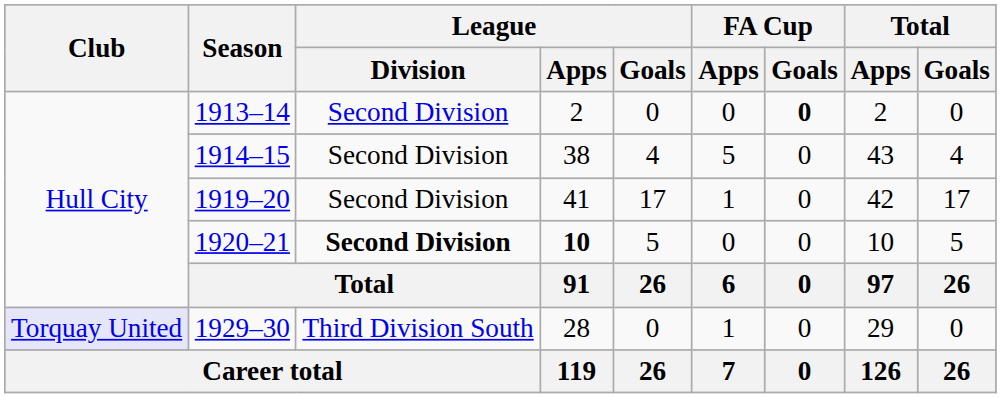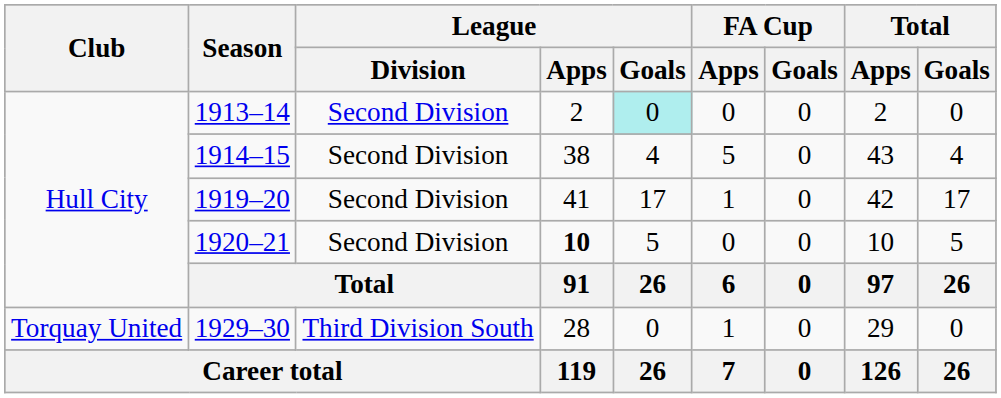 <table class="wikitable" style="text-align: center;">
 <tr>
 <th rowspan="2">Club</th>
 <th rowspan="2">Season</th>
 <th colspan="3">League</th>
 <th colspan="2">FA Cup</th>
 <th colspan="2">Total</th>
 </tr>
 <tr>
 <th>Division</th>
 <th>Apps</th>
 <th>Goals</th>
 <th>Apps</th>
 <th>Goals</th>
 <th>Apps</th>
 <th>Goals</th>
 </tr>
 <tr>
 <td rowspan="5"><a href='#'>Hull City</a></td>
 <td><a href='#'>1913–14</a></td>
 <td><a href='#'>Second Division</a></td>
 <td>2</td>
+<td style="background: paleturquoise;">0</td>
 <td>0</td>
 <td>0</td>
-<td><strong>0</strong></td>
 <td>2</td>
 <td>0</td>
 </tr>
 <tr>
 <td><a href='#'>1914–15</a></td>
 <td>Second Division</td>
 <td>38</td>
 <td>4</td>
 <td>5</td>
 <td>0</td>
 <td>43</td>
 <td>4</td>
 </tr>
 <tr>
 <td><a href='#'>1919–20</a></td>
 <td>Second Division</td>
 <td>41</td>
 <td>17</td>
 <td>1</td>
 <td>0</td>
 <td>42</td>
 <td>17</td>
 </tr>
 <tr>
 <td><a href='#'>1920–21</a></td>
-<td><strong>Second Division</strong></td>
+<td>Second Division</td>
 <td><strong>10</strong></td>
 <td>5</td>
 <td>0</td>
 <td>0</td>
 <td>10</td>
 <td>5</td>
 </tr>
 <tr>
 <th colspan="2">Total</th>
 <th>91</th>
 <th>26</th>
 <th>6</th>
 <th>0</th>
 <th>97</th>
 <th>26</th>
 </tr>
 <tr>
-<td style="background: lavender;"><a href='#'>Torquay United</a></td>
+<td><a href='#'>Torquay United</a></td>
 <td><a href='#'>1929–30</a></td>
 <td><a href='#'>Third Division South</a></td>
 <td>28</td>
 <td>0</td>
 <td>1</td>
 <td>0</td>
 <td>29</td>
 <td>0</td>
 </tr>
 <tr>
 <th colspan="3">Career total</th>
 <th>119</th>
 <th>26</th>
 <th>7</th>
 <th>0</th>
 <th>126</th>
 <th>26</th>
 </tr>
 </table>
